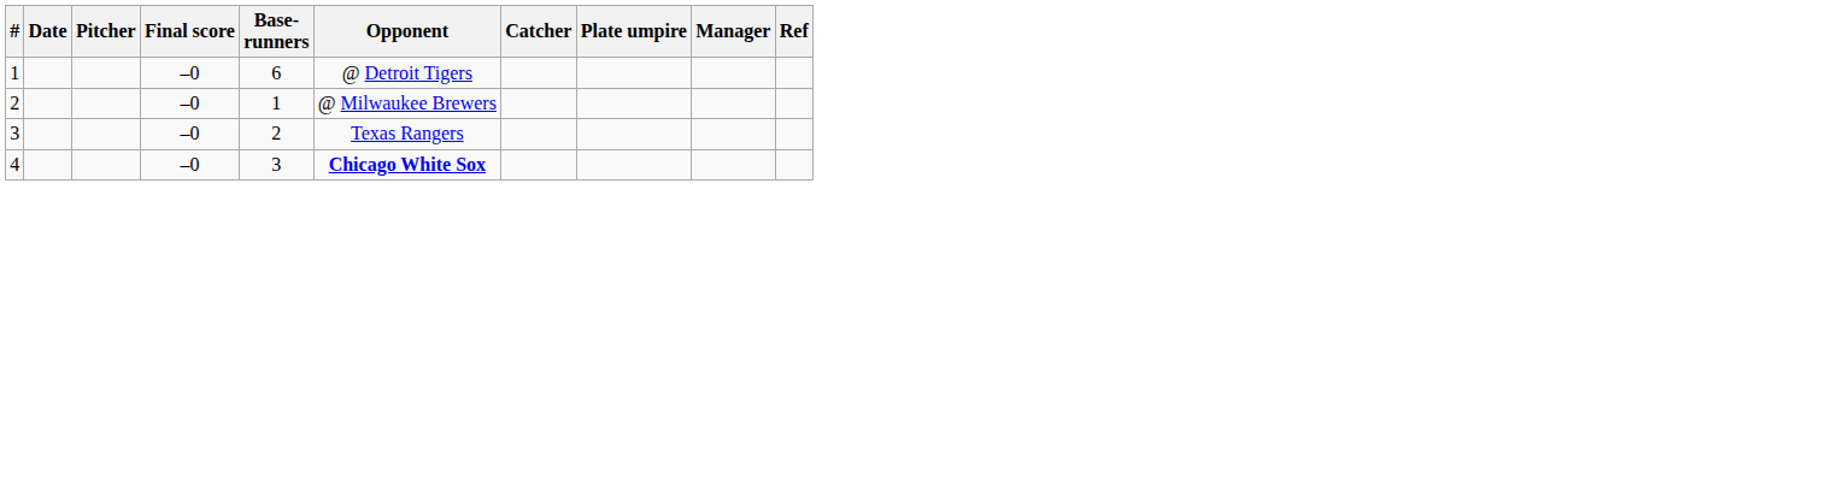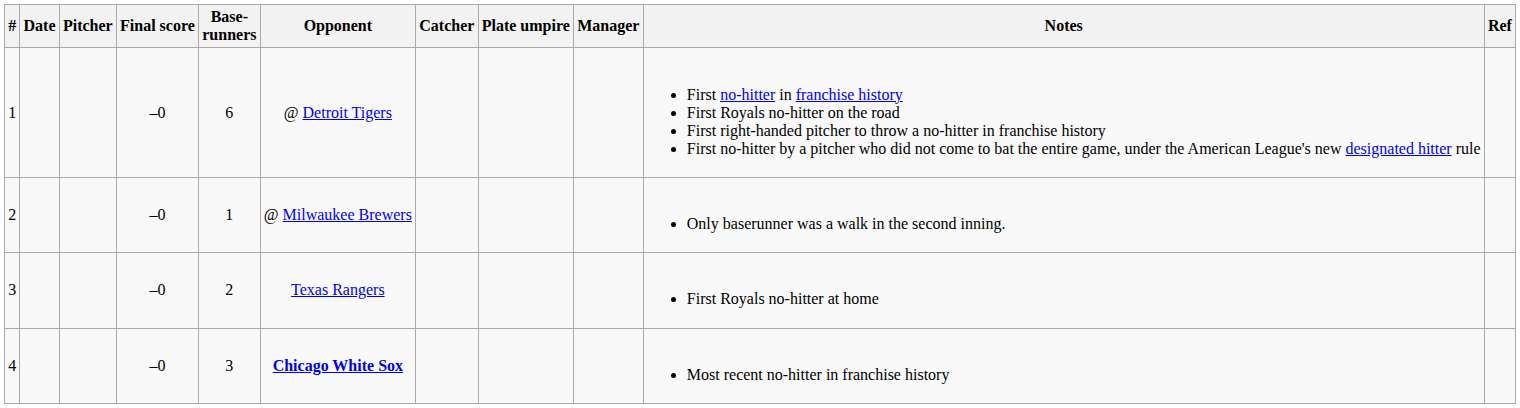 <table class="wikitable sortable" style="text-align:center" border="1">
 <tr>
 <th>#</th>
 <th>Date</th>
 <th>Pitcher</th>
 <th>Final score</th>
 <th>Base-<br>runners</th>
 <th>Opponent</th>
 <th>Catcher</th>
 <th>Plate umpire</th>
 <th>Manager</th>
+<th class="unsortable">Notes</th>
 <th class="unsortable">Ref</th>
 </tr>
 <tr>
 <td>1</td>
 <td></td>
 <td> </td>
 <td>–0</td>
 <td>6</td>
 <td>@ <a href='#'>Detroit Tigers</a></td>
 <td> </td>
 <td></td>
 <td> </td>
+<td align="left"><br><ul><li>First <a href='#'>no-hitter</a> in <a href='#'>franchise history</a></li><li>First Royals no-hitter on the road</li><li>First right-handed pitcher to throw a no-hitter in franchise history</li><li>First no-hitter by a pitcher who did not come to bat the entire game, under the American League's new <a href='#'>designated hitter</a> rule</li></ul></td>
 <td></td>
 </tr>
 <tr>
 <td>2</td>
 <td></td>
 <td> </td>
 <td>–0</td>
 <td>1</td>
 <td>@ <a href='#'>Milwaukee Brewers</a></td>
 <td> </td>
 <td></td>
 <td> </td>
+<td align="left"><br><ul><li>Only baserunner was a walk in the second inning.</li></ul></td>
 <td></td>
 </tr>
 <tr>
 <td>3</td>
 <td></td>
 <td></td>
 <td>–0</td>
 <td>2</td>
 <td><a href='#'>Texas Rangers</a></td>
 <td></td>
 <td></td>
 <td></td>
+<td align="left"><br><ul><li>First Royals no-hitter at home</li></ul></td>
 <td></td>
 </tr>
 <tr>
 <td>4</td>
 <td></td>
 <td></td>
 <td>–0</td>
 <td>3</td>
 <td><strong><a href='#'>Chicago White Sox</a></strong></td>
 <td></td>
 <td></td>
 <td></td>
+<td align="left"><br><ul><li>Most recent no-hitter in franchise history</li></ul></td>
 <td></td>
 </tr>
 </table>
